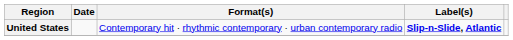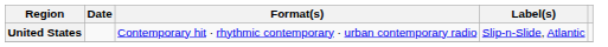 <table class="wikitable plainrowheaders" style="text-align:left">
 <tr>
 <th scope="col">Region</th>
 <th scope="col">Date</th>
 <th scope="col">Format(s)</th>
 <th scope="col">Label(s)</th>
 <th scope="col"></th>
 </tr>
 <tr>
 <th scope="row">United States</th>
 <td></td>
 <td><a href='#'>Contemporary hit</a> · <a href='#'>rhythmic contemporary</a> · <a href='#'>urban contemporary radio</a></td>
-<td><strong><a href='#'>Slip-n-Slide</a>, <a href='#'>Atlantic</a></strong></td>
+<td><a href='#'>Slip-n-Slide</a>, <a href='#'>Atlantic</a></td>
 <td></td>
 </tr>
 <tr>
 </tr>
 </table>
